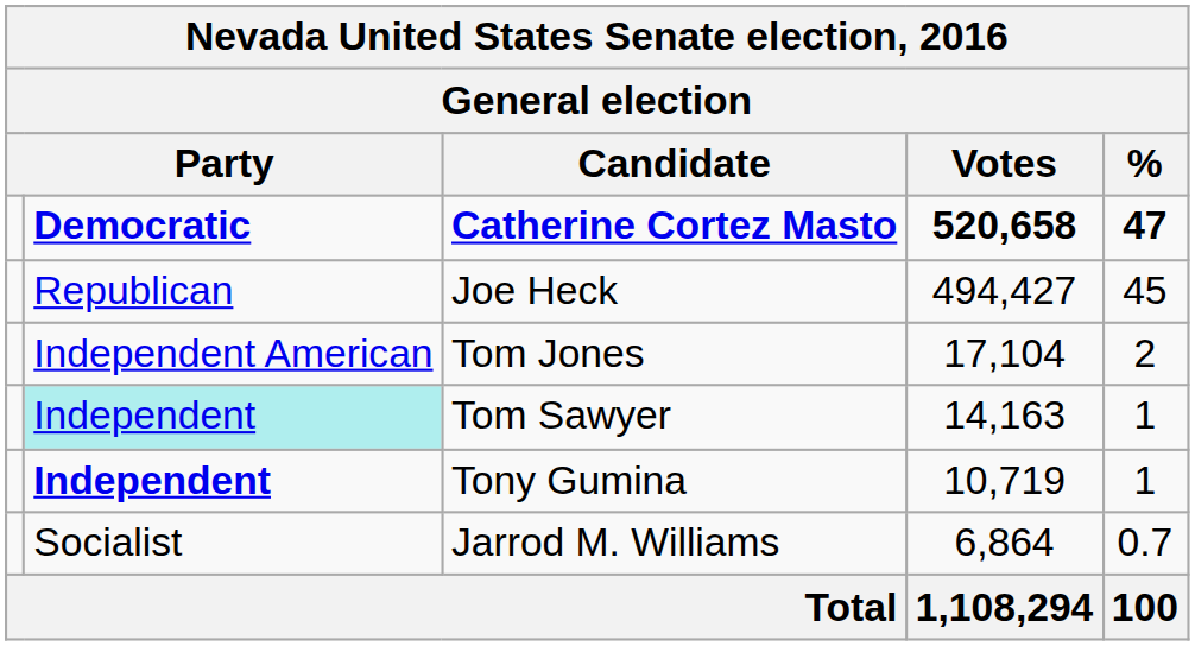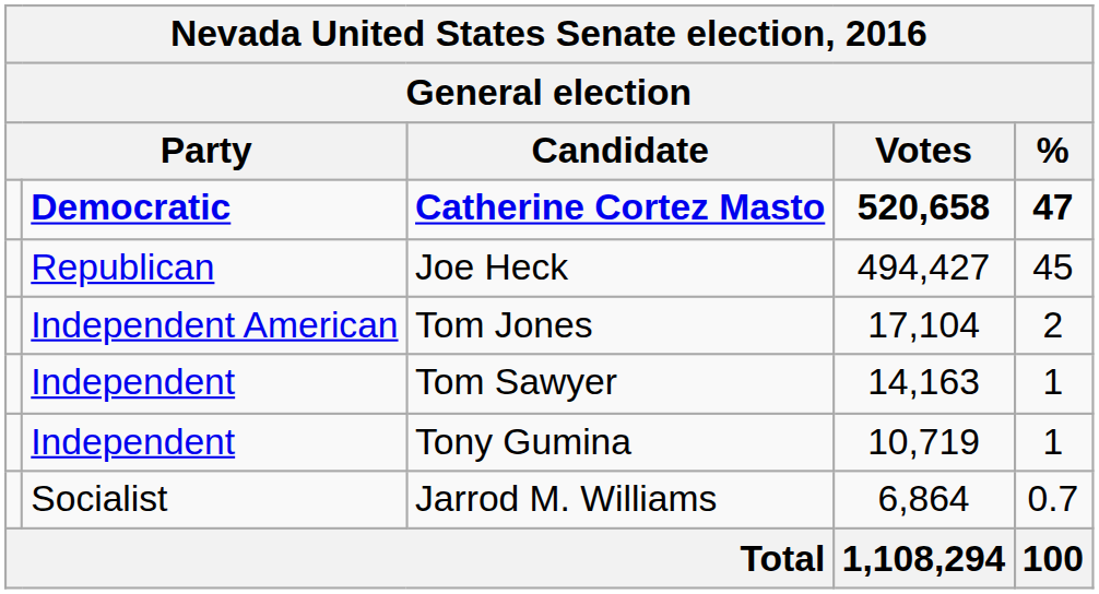 <table class=wikitable>
 <tr>
 <th colspan = 6>Nevada United States Senate election, 2016</th>
 </tr>
 <tr>
 <th colspan = 6>General election</th>
 </tr>
 <tr>
 <th colspan=2>Party</th>
 <th>Candidate</th>
 <th>Votes</th>
 <th>%</th>
 </tr>
 <tr>
 <td></td>
 <td><strong><a href='#'>Democratic</a></strong></td>
 <td><strong><a href='#'>Catherine Cortez Masto</a></strong></td>
 <td align=center><strong>520,658</strong></td>
 <td align=center><strong>47</strong></td>
 </tr>
 <tr>
 <td></td>
 <td><a href='#'>Republican</a></td>
 <td>Joe Heck</td>
 <td align=center>494,427</td>
 <td align=center>45</td>
 </tr>
 <tr>
 <td></td>
 <td><a href='#'>Independent American</a></td>
 <td>Tom Jones</td>
 <td align=center>17,104</td>
 <td align=center>2</td>
 </tr>
 <tr>
 <td></td>
-<td style="background: paleturquoise;"><a href='#'>Independent</a></td>
+<td><a href='#'>Independent</a></td>
 <td>Tom Sawyer</td>
 <td align=center>14,163</td>
 <td align=center>1</td>
 </tr>
 <tr>
 <td></td>
-<td><strong><a href='#'>Independent</a></strong></td>
+<td><a href='#'>Independent</a></td>
 <td>Tony Gumina</td>
 <td align=center>10,719</td>
 <td align=center>1</td>
 </tr>
 <tr>
 <td></td>
 <td>Socialist</td>
 <td>Jarrod M. Williams</td>
 <td align=center>6,864</td>
 <td align=center>0.7</td>
 </tr>
 <tr>
 <th colspan=3; style="text-align:right;">Total</th>
 <th align=center>1,108,294</th>
 <th align=center>100</th>
 </tr>
 </table>
